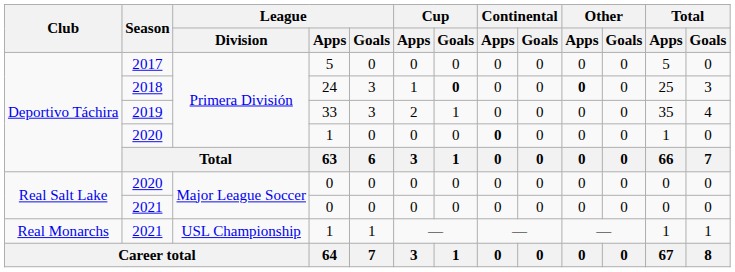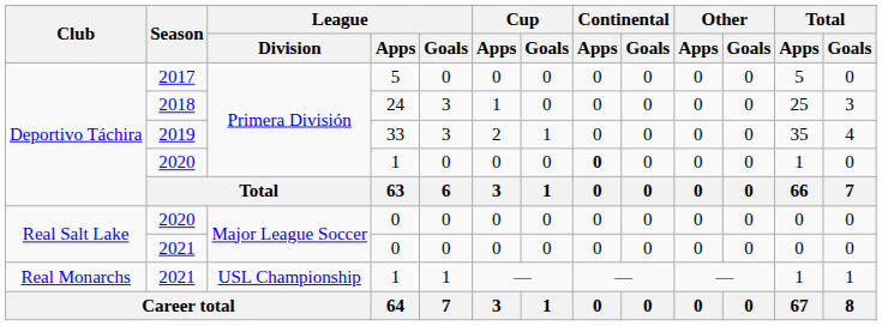 <table class="wikitable" style="text-align: center">
 <tr>
 <th rowspan="2">Club</th>
 <th rowspan="2">Season</th>
 <th colspan="3">League</th>
 <th colspan="2">Cup</th>
 <th colspan="2">Continental</th>
 <th colspan="2">Other</th>
 <th colspan="2">Total</th>
 </tr>
 <tr>
 <th>Division</th>
 <th>Apps</th>
 <th>Goals</th>
 <th>Apps</th>
 <th>Goals</th>
 <th>Apps</th>
 <th>Goals</th>
 <th>Apps</th>
 <th>Goals</th>
 <th>Apps</th>
 <th>Goals</th>
 </tr>
 <tr>
 <td rowspan="5"><a href='#'>Deportivo Táchira</a></td>
 <td><a href='#'>2017</a></td>
 <td rowspan="4"><a href='#'>Primera División</a></td>
 <td>5</td>
 <td>0</td>
 <td>0</td>
 <td>0</td>
 <td>0</td>
 <td>0</td>
 <td>0</td>
 <td>0</td>
 <td>5</td>
 <td>0</td>
 </tr>
 <tr>
 <td><a href='#'>2018</a></td>
 <td>24</td>
 <td>3</td>
 <td>1</td>
-<td><strong>0</strong></td>
 <td>0</td>
 <td>0</td>
-<td><strong>0</strong></td>
+<td>0</td>
+<td>0</td>
 <td>0</td>
 <td>25</td>
 <td>3</td>
 </tr>
 <tr>
 <td><a href='#'>2019</a></td>
 <td>33</td>
 <td>3</td>
 <td>2</td>
 <td>1</td>
 <td>0</td>
 <td>0</td>
 <td>0</td>
 <td>0</td>
 <td>35</td>
 <td>4</td>
 </tr>
 <tr>
 <td><a href='#'>2020</a></td>
 <td>1</td>
 <td>0</td>
 <td>0</td>
 <td>0</td>
 <td><strong>0</strong></td>
 <td>0</td>
 <td>0</td>
 <td>0</td>
 <td>1</td>
 <td>0</td>
 </tr>
 <tr>
 <th colspan="2"><strong>Total</strong></th>
 <th>63</th>
 <th>6</th>
 <th>3</th>
 <th>1</th>
 <th>0</th>
 <th>0</th>
 <th>0</th>
 <th>0</th>
 <th>66</th>
 <th>7</th>
 </tr>
 <tr>
 <td rowspan=2><a href='#'>Real Salt Lake</a></td>
 <td><a href='#'>2020</a></td>
 <td rowspan=2><a href='#'>Major League Soccer</a></td>
 <td>0</td>
 <td>0</td>
 <td>0</td>
 <td>0</td>
 <td>0</td>
 <td>0</td>
 <td>0</td>
 <td>0</td>
 <td>0</td>
 <td>0</td>
 </tr>
 <tr>
 <td><a href='#'>2021</a></td>
 <td>0</td>
 <td>0</td>
 <td>0</td>
 <td>0</td>
 <td>0</td>
 <td>0</td>
 <td>0</td>
 <td>0</td>
 <td>0</td>
 <td>0</td>
 </tr>
 <tr>
 <td><a href='#'>Real Monarchs</a></td>
 <td><a href='#'>2021</a></td>
 <td><a href='#'>USL Championship</a></td>
 <td>1</td>
 <td>1</td>
 <td colspan=2>—</td>
 <td colspan=2>—</td>
 <td colspan=2>—</td>
 <td>1</td>
 <td>1</td>
 </tr>
 <tr>
 <th colspan="3"><strong>Career total</strong></th>
 <th>64</th>
 <th>7</th>
 <th>3</th>
 <th>1</th>
 <th>0</th>
 <th>0</th>
 <th>0</th>
 <th>0</th>
 <th>67</th>
 <th>8</th>
 </tr>
 </table>
